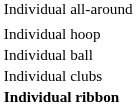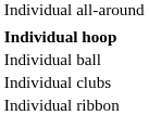 <table>
 <tr>
 <td>Individual all-around<br></td>
 <td></td>
 <td></td>
 <td></td>
 </tr>
 <tr>
 <th colspan="7"></th>
 </tr>
 <tr>
-<td>Individual hoop<br></td>
+<td><strong>Individual hoop<br></strong></td>
 <td></td>
 <td></td>
 <td></td>
 </tr>
 <tr>
 <td>Individual ball<br></td>
 <td></td>
 <td></td>
 <td></td>
 </tr>
 <tr>
 <td>Individual clubs<br></td>
 <td></td>
 <td></td>
 <td></td>
 </tr>
 <tr>
-<td><strong>Individual ribbon<br></strong></td>
+<td>Individual ribbon<br></td>
 <td></td>
 <td></td>
 <td></td>
 </tr>
 </table>
